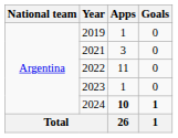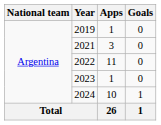 <table class="wikitable" style="text-align: center;">
 <tr>
 <th>National team</th>
 <th>Year</th>
 <th>Apps</th>
 <th>Goals</th>
 </tr>
 <tr>
 <td rowspan="5"><a href='#'>Argentina</a></td>
 <td>2019</td>
 <td>1</td>
 <td>0</td>
 </tr>
 <tr>
 <td>2021</td>
 <td>3</td>
 <td>0</td>
 </tr>
 <tr>
 <td>2022</td>
 <td>11</td>
 <td>0</td>
 </tr>
 <tr>
 <td>2023</td>
 <td>1</td>
 <td>0</td>
 </tr>
 <tr>
 <td>2024</td>
-<td><strong>10</strong></td>
-<td><strong>1</strong></td>
+<td>10</td>
+<td>1</td>
 </tr>
 <tr>
 <th colspan="2">Total</th>
 <th>26</th>
 <th>1</th>
 </tr>
 </table>
